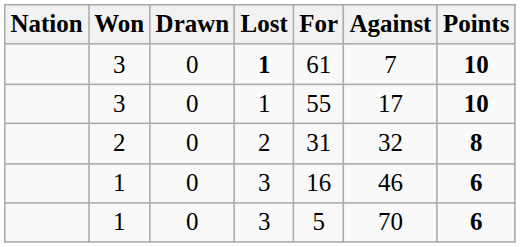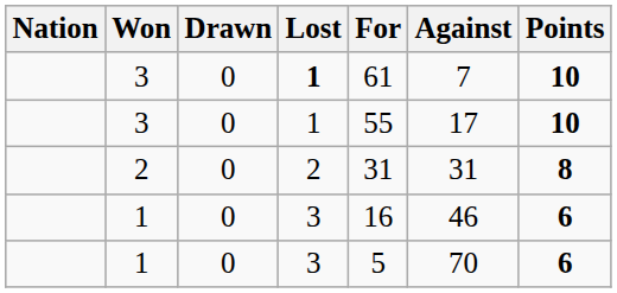 <table class="wikitable" style="text-align: center;">
 <tr>
 <th>Nation</th>
 <th>Won</th>
 <th>Drawn</th>
 <th>Lost</th>
 <th>For</th>
 <th>Against</th>
 <th>Points</th>
 </tr>
 <tr>
 <td align="left"></td>
 <td>3</td>
 <td>0</td>
 <td><strong>1</strong></td>
 <td>61</td>
 <td>7</td>
 <td><strong>10</strong></td>
 </tr>
 <tr>
 <td align="left"></td>
 <td>3</td>
 <td>0</td>
 <td>1</td>
 <td>55</td>
 <td>17</td>
 <td><strong>10</strong></td>
 </tr>
 <tr>
 <td align="left"></td>
 <td>2</td>
 <td>0</td>
 <td>2</td>
 <td>31</td>
-<td>32</td>
+<td>31</td>
 <td><strong>8</strong></td>
 </tr>
 <tr>
 <td align="left"></td>
 <td>1</td>
 <td>0</td>
 <td>3</td>
 <td>16</td>
 <td>46</td>
 <td><strong>6</strong></td>
 </tr>
 <tr>
 <td align="left"></td>
 <td>1</td>
 <td>0</td>
 <td>3</td>
 <td>5</td>
 <td>70</td>
 <td><strong>6</strong></td>
 </tr>
 </table>
